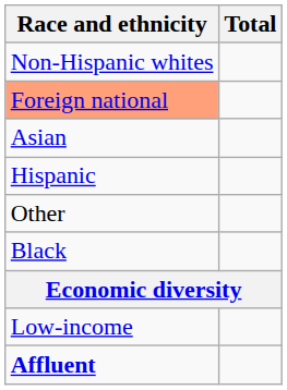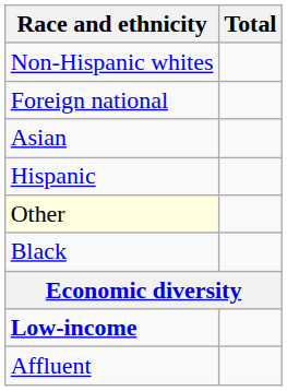 <table class="wikitable floatright sortable collapsible"; text-align:right; font-size:80%;">
 <tr>
 <th>Race and ethnicity</th>
 <th colspan="2" data-sort-type=number>Total</th>
 </tr>
 <tr>
 <td><a href='#'>Non-Hispanic whites</a></td>
 <td align=right></td>
 </tr>
 <tr>
-<td style="background: lightsalmon;"><a href='#'>Foreign national</a></td>
+<td><a href='#'>Foreign national</a></td>
 <td align=right></td>
 </tr>
 <tr>
 <td><a href='#'>Asian</a></td>
 <td align=right></td>
 </tr>
 <tr>
 <td><a href='#'>Hispanic</a></td>
 <td align=right></td>
 </tr>
 <tr>
-<td>Other</td>
+<td style="background: lightyellow;">Other</td>
 <td align=right></td>
 </tr>
 <tr>
 <td><a href='#'>Black</a></td>
 <td align=right></td>
 </tr>
 <tr>
 <th colspan="4" data-sort-type=number><a href='#'>Economic diversity</a></th>
 </tr>
 <tr>
-<td><a href='#'>Low-income</a></td>
+<td><strong><a href='#'>Low-income</a></strong></td>
 <td align=right></td>
 </tr>
 <tr>
-<td><strong><a href='#'>Affluent</a></strong></td>
+<td><a href='#'>Affluent</a></td>
 <td align=right></td>
 </tr>
 </table>
